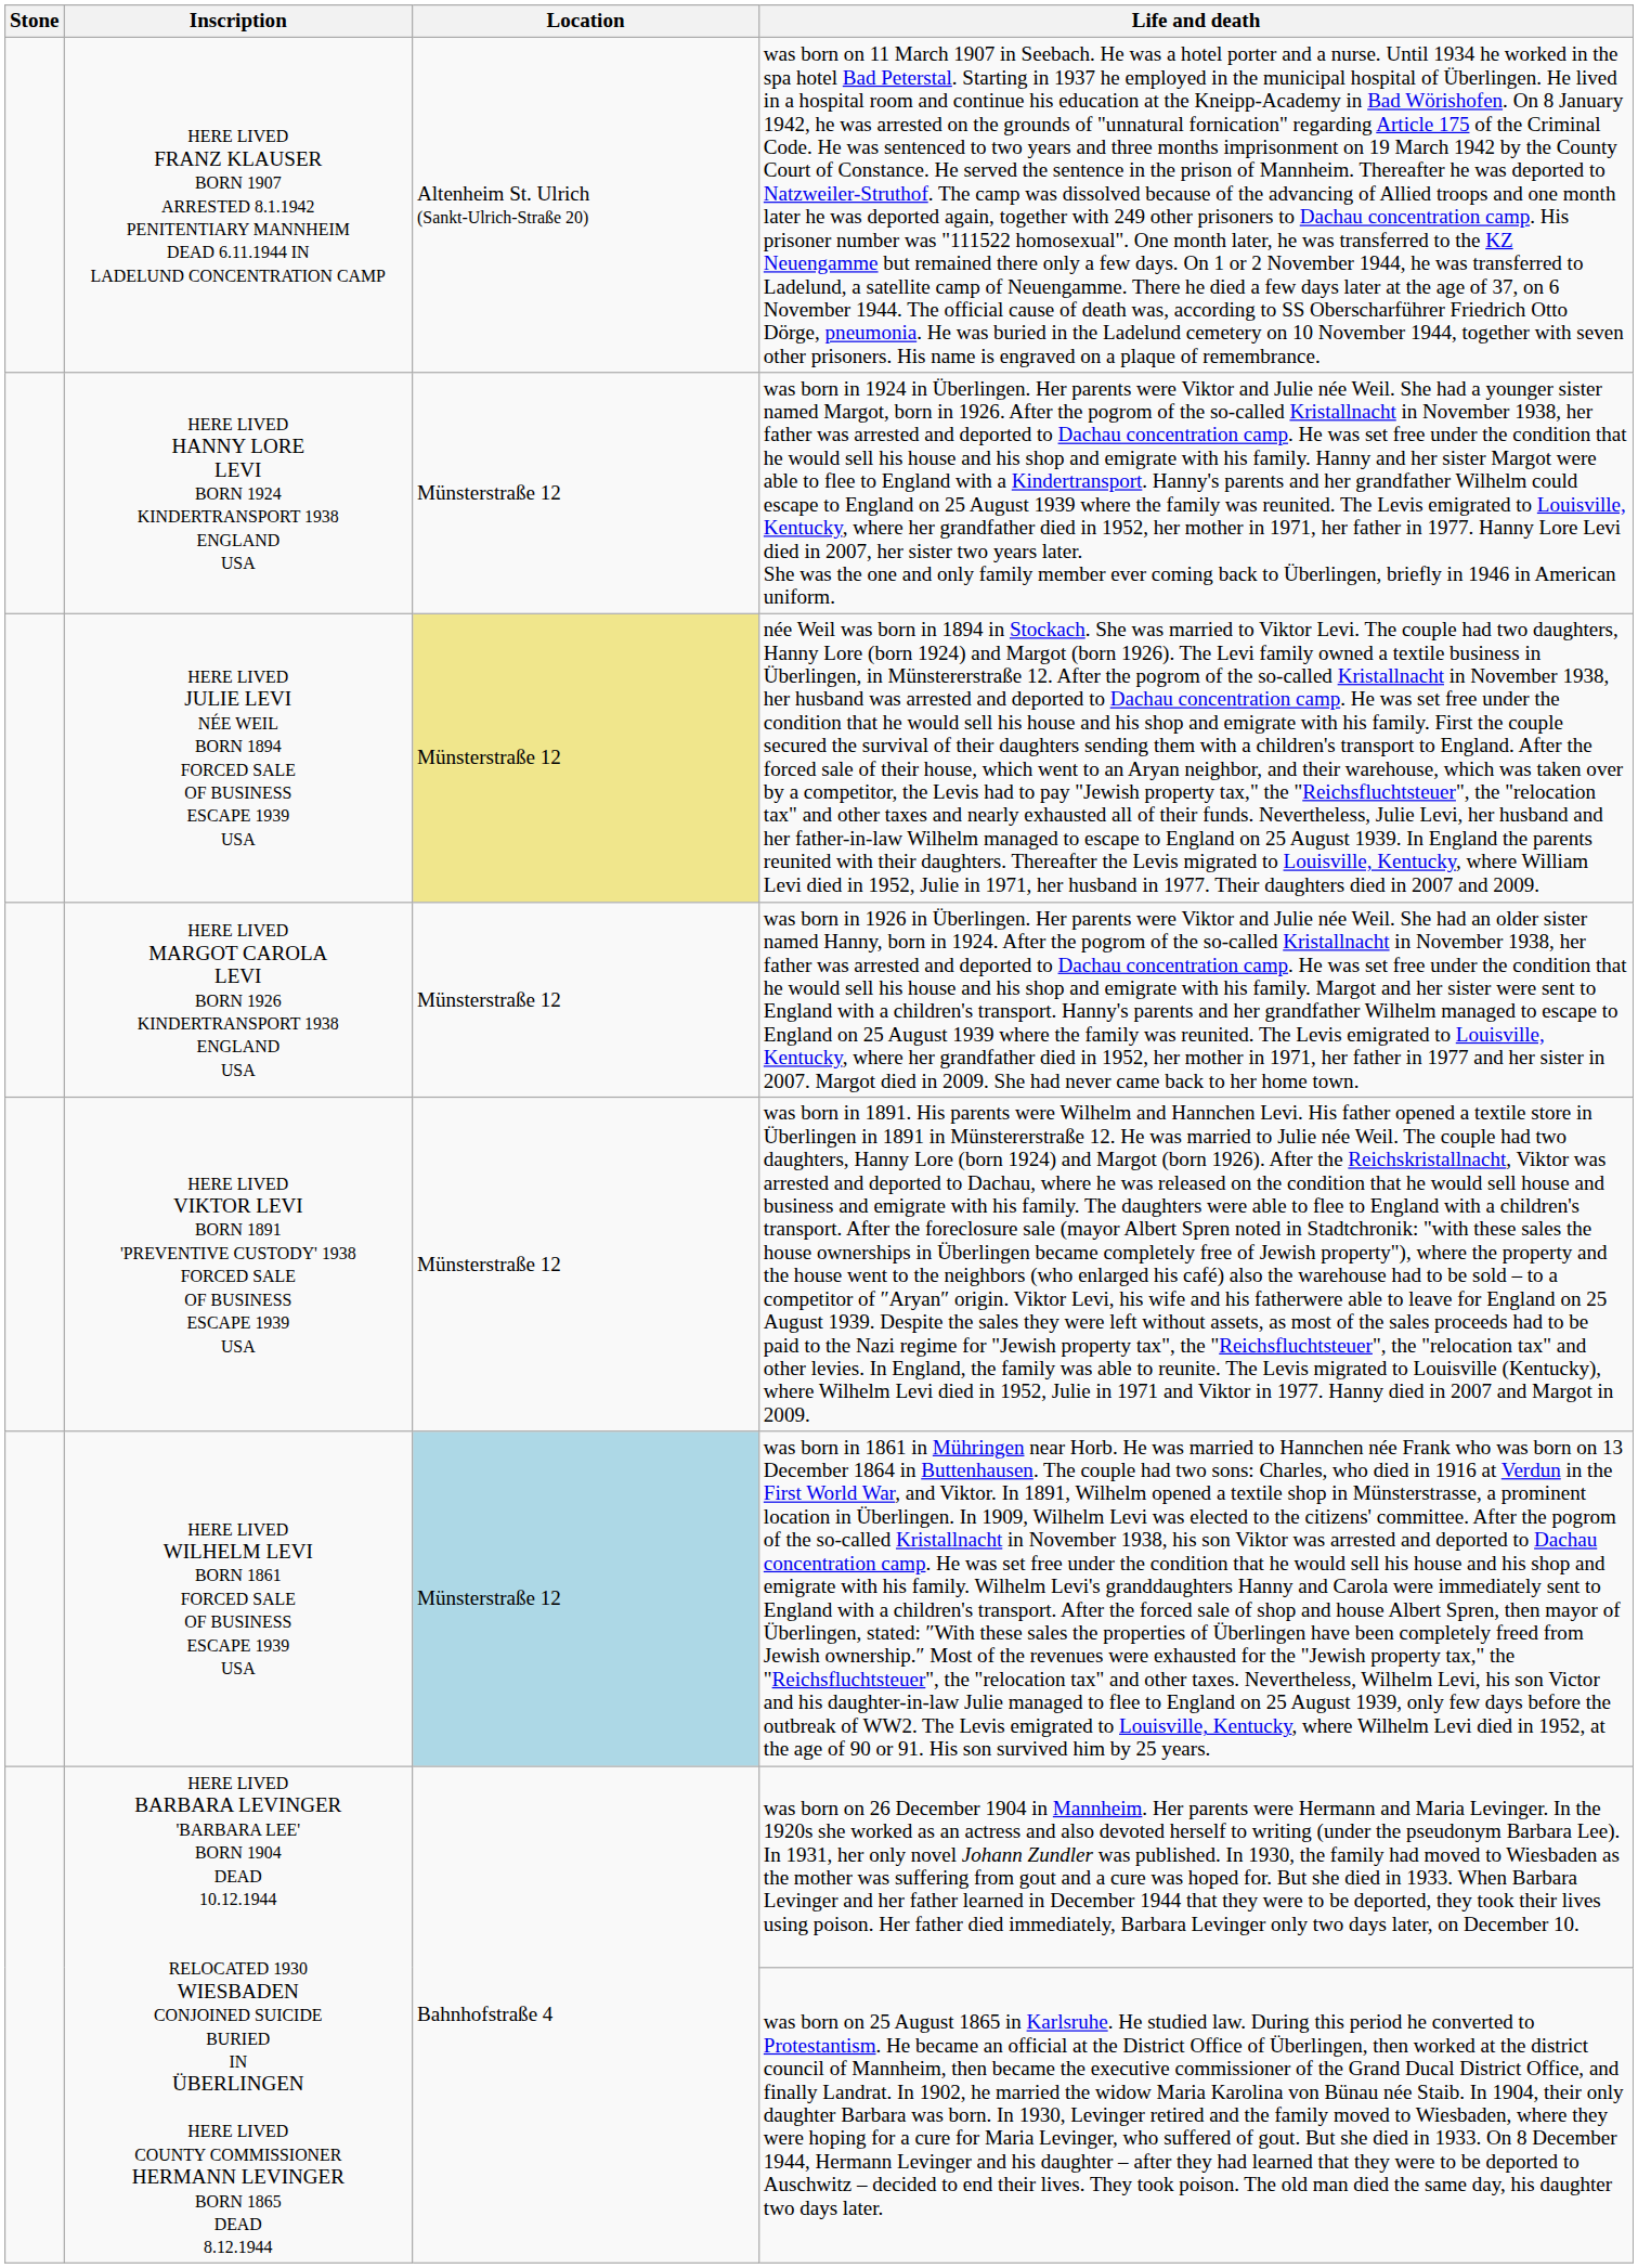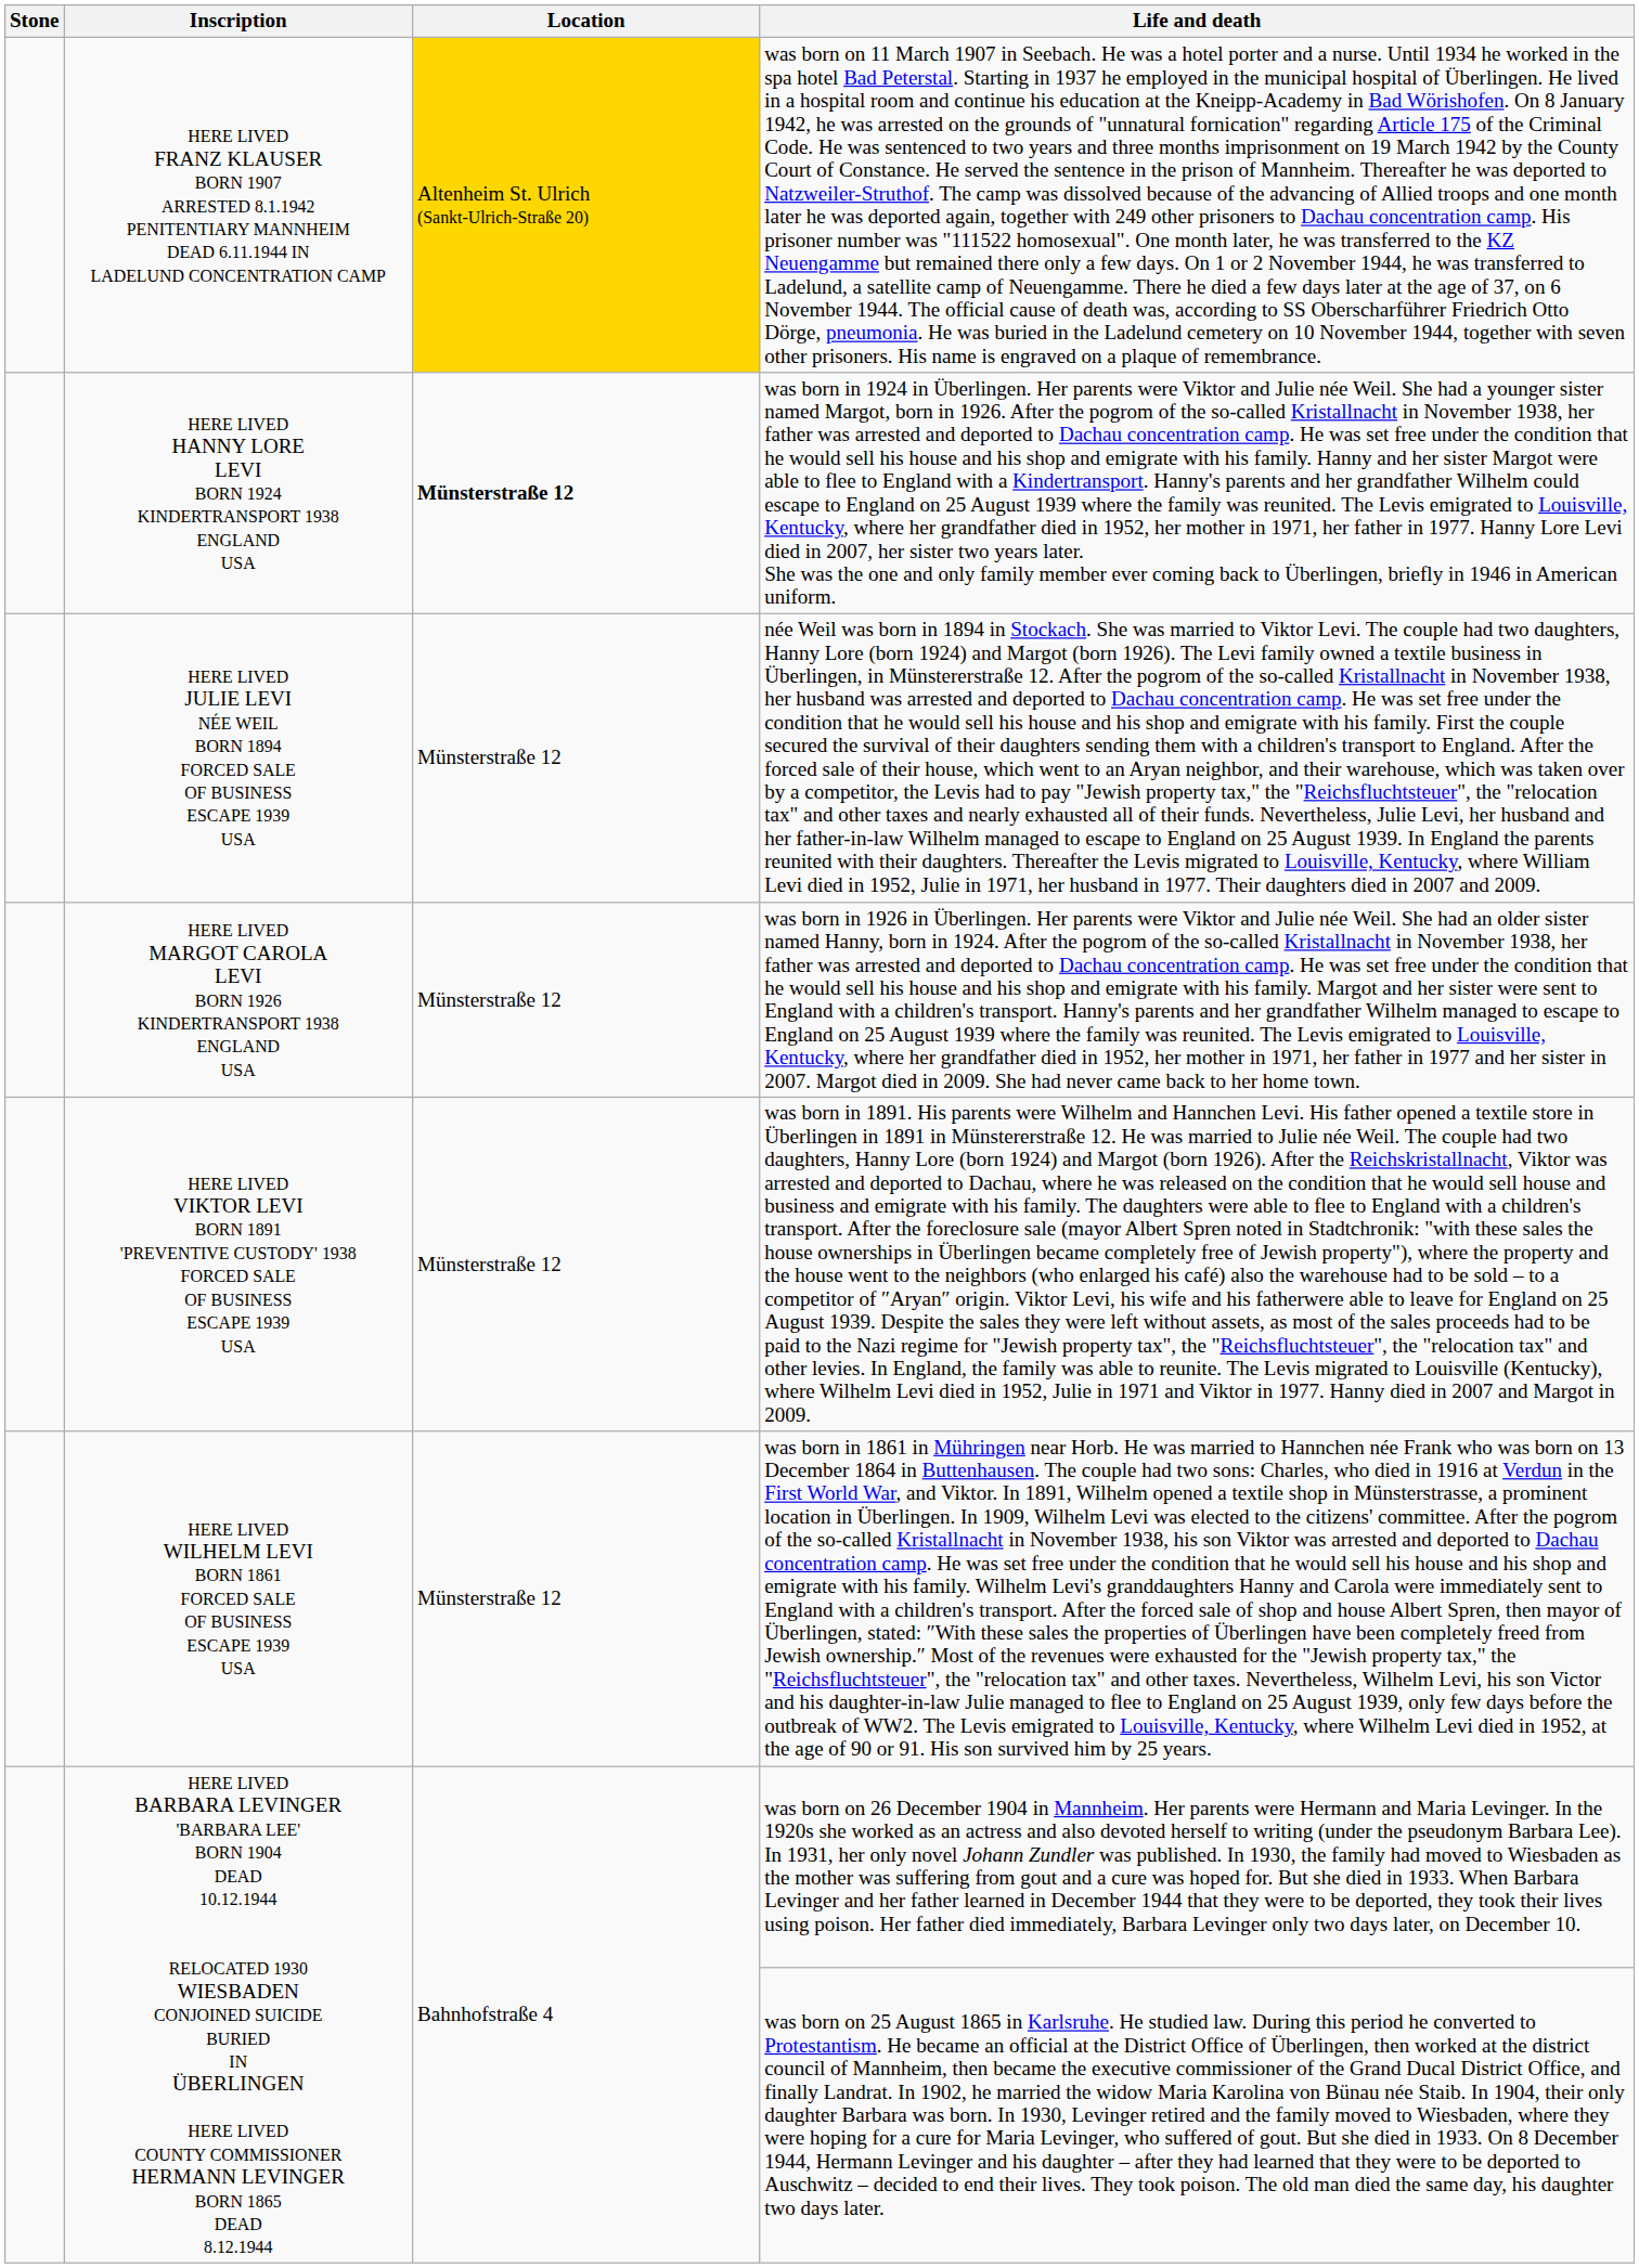 <table class="wikitable sortable toptextcells" style="width:100%">
 <tr>
 <th class="hintergrundfarbe6 unsortable" width="120px">Stone</th>
 <th class="hintergrundfarbe6 unsortable" style ="width:22%;">Inscription</th>
 <th class="hintergrundfarbe6" data-sort-type="text" style ="width:22%;">Location</th>
 <th class="hintergrundfarbe6" style="width:100%;">Life and death</th>
 </tr>
 <tr>
 <td></td>
 <td style="text-align:center"><div><small>HERE LIVED</small><br>FRANZ KLAUSER<br><small>BORN 1907<br>ARRESTED 8.1.1942<br>PENITENTIARY MANNHEIM<br>DEAD 6.11.1944 IN<br>LADELUND CONCENTRATION CAMP</small></div></td>
-<td>Altenheim St. Ulrich<br><small>(Sankt-Ulrich-Straße 20)</small><br></td>
+<td style="background: gold;">Altenheim St. Ulrich<br><small>(Sankt-Ulrich-Straße 20)</small><br></td>
 <td><strong></strong> was born on 11 March 1907 in Seebach. He was a hotel porter and a nurse. Until 1934 he worked in the spa hotel <a href='#'>Bad Peterstal</a>. Starting in 1937 he employed in the municipal hospital of Überlingen. He lived in a hospital room and continue his education at the Kneipp-Academy in <a href='#'>Bad Wörishofen</a>. On 8 January 1942, he was arrested on the grounds of "unnatural fornication" regarding <a href='#'>Article 175</a> of the Criminal Code. He was sentenced to two years and three months imprisonment on 19 March 1942 by the County Court of Constance. He served the sentence in the prison of Mannheim. Thereafter he was deported to <a href='#'>Natzweiler-Struthof</a>. The camp was dissolved because of the advancing of Allied troops and one month later he was deported again, together with 249 other prisoners to <a href='#'>Dachau concentration camp</a>. His prisoner number was "111522 homosexual". One month later, he was transferred to the <a href='#'>KZ Neuengamme</a> but remained there only a few days. On 1 or 2 November 1944, he was transferred to Ladelund, a satellite camp of Neuengamme. There he died a few days later at the age of 37, on 6 November 1944. The official cause of death was, according to SS Oberscharführer Friedrich Otto Dörge, <a href='#'>pneumonia</a>. He was buried in the Ladelund cemetery on 10 November 1944, together with seven other prisoners. His name is engraved on a plaque of remembrance.</td>
 </tr>
 <tr>
 <td></td>
 <td style="text-align:center"><div><small>HERE LIVED</small><br>HANNY LORE<br>LEVI<br><small>BORN 1924<br>KINDERTRANSPORT 1938<br>ENGLAND<br>USA</small></div></td>
-<td>Münsterstraße 12<br></td>
+<td><strong>Münsterstraße 12<br></strong></td>
 <td><strong></strong> was born in 1924 in Überlingen. Her parents were Viktor and Julie née Weil. She had a younger sister named Margot, born in 1926. After the pogrom of the so-called <a href='#'>Kristallnacht</a> in November 1938, her father was arrested and deported to <a href='#'>Dachau concentration camp</a>. He was set free under the condition that he would sell his house and his shop and emigrate with his family. Hanny and her sister Margot were able to flee to England with a <a href='#'>Kindertransport</a>. Hanny's parents and her grandfather Wilhelm could escape to England on 25 August 1939 where the family was reunited. The Levis emigrated to <a href='#'>Louisville, Kentucky</a>, where her grandfather died in 1952, her mother in 1971, her father in 1977. Hanny Lore Levi died in 2007, her sister two years later.<br>She was the one and only family member ever coming back to Überlingen, briefly in 1946 in American uniform.</td>
 </tr>
 <tr>
 <td></td>
 <td style="text-align:center"><div><small>HERE LIVED</small><br>JULIE LEVI<br><small>NÉE WEIL<br>BORN 1894<br>FORCED SALE<br>OF BUSINESS<br>ESCAPE 1939<br>USA</small></div></td>
-<td style="background: khaki;">Münsterstraße 12<br></td>
+<td>Münsterstraße 12<br></td>
 <td><strong></strong> née Weil was born in 1894 in <a href='#'>Stockach</a>. She was married to Viktor Levi. The couple had two daughters, Hanny Lore (born 1924) and Margot (born 1926). The Levi family owned a textile business in Überlingen, in Münstererstraße 12. After the pogrom of the so-called <a href='#'>Kristallnacht</a> in November 1938, her husband was arrested and deported to <a href='#'>Dachau concentration camp</a>. He was set free under the condition that he would sell his house and his shop and emigrate with his family. First the couple secured the survival of their daughters sending them with a children's transport to England. After the forced sale of their house, which went to an Aryan neighbor, and their warehouse, which was taken over by a competitor, the Levis had to pay  "Jewish property tax," the "<a href='#'>Reichsfluchtsteuer</a>", the "relocation tax" and other taxes and nearly exhausted all of their funds. Nevertheless, Julie Levi, her husband and her father-in-law Wilhelm managed to escape to England on 25 August 1939. In England the parents reunited with their daughters. Thereafter the Levis migrated to <a href='#'>Louisville, Kentucky</a>, where William Levi died in 1952, Julie in 1971, her husband in 1977. Their daughters died in 2007 and 2009.</td>
 </tr>
 <tr>
 <td></td>
 <td style="text-align:center"><div><small>HERE LIVED</small><br>MARGOT CAROLA<br>LEVI<br><small>BORN 1926<br>KINDERTRANSPORT 1938<br>ENGLAND<br>USA</small></div></td>
 <td>Münsterstraße 12<br></td>
 <td><strong></strong> was born in 1926 in Überlingen. Her parents were Viktor and Julie née Weil. She had an older sister named Hanny, born in 1924. After the pogrom of the so-called <a href='#'>Kristallnacht</a> in November 1938, her father was arrested and deported to <a href='#'>Dachau concentration camp</a>. He was set free under the condition that he would sell his house and his shop and emigrate with his family. Margot and her sister were sent to England with a children's transport. Hanny's parents and her grandfather Wilhelm managed to escape to England on 25 August 1939 where the family was reunited. The Levis emigrated to <a href='#'>Louisville, Kentucky</a>, where her grandfather died in 1952, her mother in 1971, her father in 1977 and her sister in 2007. Margot died in 2009. She had never came back to her home town.</td>
 </tr>
 <tr>
 <td></td>
 <td style="text-align:center"><div><small>HERE LIVED</small><br>VIKTOR LEVI<br><small>BORN 1891<br>'PREVENTIVE CUSTODY' 1938<br>FORCED SALE<br>OF BUSINESS<br>ESCAPE 1939<br>USA</small></div></td>
 <td>Münsterstraße 12<br></td>
 <td><strong></strong> was born in 1891. His parents were Wilhelm and Hannchen Levi. His father opened a textile store in Überlingen in 1891 in Münstererstraße 12. He was married to Julie née Weil. The couple had two daughters, Hanny Lore (born 1924) and Margot (born 1926). After the <a href='#'>Reichskristallnacht</a>, Viktor was arrested and deported to Dachau, where he was released on the condition that he would sell house and business and emigrate with his family. The daughters were able to flee to England with a children's transport. After the foreclosure sale (mayor Albert Spren noted in Stadtchronik: "with these sales the house ownerships in Überlingen became completely free of Jewish property"), where the property and the house went to the neighbors (who enlarged his café) also the warehouse had to be sold – to a competitor of ″Aryan″ origin. Viktor Levi, his wife and his fatherwere able to leave for England on 25 August 1939. Despite the sales they were left without assets, as most of the sales proceeds had to be paid to the Nazi regime for "Jewish property tax", the "<a href='#'>Reichsfluchtsteuer</a>", the "relocation tax" and other levies. In England, the family was able to reunite. The Levis migrated to Louisville (Kentucky), where Wilhelm Levi died in 1952, Julie in 1971 and Viktor in 1977. Hanny died in 2007 and Margot in 2009.</td>
 </tr>
 <tr>
 <td></td>
 <td style="text-align:center"><div><small>HERE LIVED</small><br>WILHELM LEVI<br><small>BORN 1861<br>FORCED SALE<br>OF BUSINESS<br>ESCAPE 1939<br>USA</small></div></td>
-<td style="background: lightblue;">Münsterstraße 12<br></td>
+<td>Münsterstraße 12<br></td>
 <td><strong></strong> was born in 1861 in <a href='#'>Mühringen</a> near Horb. He was married to Hannchen née Frank who was born on 13 December 1864 in <a href='#'>Buttenhausen</a>. The couple had two sons: Charles, who died in 1916 at <a href='#'>Verdun</a> in the <a href='#'>First World War</a>, and Viktor. In 1891, Wilhelm opened a textile shop in Münsterstrasse, a prominent location in Überlingen. In 1909, Wilhelm Levi was elected to the citizens' committee. After the pogrom of the so-called <a href='#'>Kristallnacht</a> in November 1938, his son Viktor was arrested and deported to <a href='#'>Dachau concentration camp</a>. He was set free under the condition that he would sell his house and his shop and emigrate with his family. Wilhelm Levi's granddaughters Hanny and Carola were immediately sent to England with a children's transport. After the forced sale of shop and house Albert Spren, then mayor of Überlingen, stated: ″With these sales the properties of Überlingen have been completely freed from Jewish ownership.″ Most of the revenues were exhausted for the "Jewish property tax," the "<a href='#'>Reichsfluchtsteuer</a>", the "relocation tax" and other taxes. Nevertheless, Wilhelm Levi, his son Victor and his daughter-in-law Julie managed to flee to England on 25 August 1939, only few days before the outbreak of WW2. The Levis emigrated to <a href='#'>Louisville, Kentucky</a>, where Wilhelm Levi died in 1952, at the age of 90 or 91. His son survived him by 25 years.</td>
 </tr>
 <tr>
 <td rowspan="2"> </td>
 <td style="text-align:center" rowspan="2"><div><small>HERE LIVED</small><br>BARBARA LEVINGER<br><small>'BARBARA LEE'<br>BORN 1904<br>DEAD<br>10.12.1944</small></div><br><br> <div><small>RELOCATED 1930</small><br>WIESBADEN<br><small>CONJOINED SUICIDE<br>BURIED<br>IN</small><br>ÜBERLINGEN</div> <br> <div><small>HERE LIVED<br>COUNTY COMMISSIONER</small><br>HERMANN LEVINGER<br><small>BORN 1865<br>DEAD<br>8.12.1944</small></div></td>
 <td rowspan="2">Bahnhofstraße 4 <br></td>
 <td><strong></strong> was born on 26 December 1904 in <a href='#'>Mannheim</a>. Her parents were Hermann and Maria Levinger. In the 1920s she worked as an actress and also devoted herself to writing (under the pseudonym Barbara Lee). In 1931, her only novel <em>Johann Zundler</em> was published. In 1930, the family had moved to Wiesbaden as the mother was suffering from gout and a cure was hoped for. But she died in 1933. When Barbara Levinger and her father learned in December 1944 that they were to be deported, they took their lives using poison. Her father died immediately, Barbara Levinger only two days later, on December 10.</td>
 </tr>
 <tr>
 <td><strong></strong> was born on 25 August 1865 in <a href='#'>Karlsruhe</a>. He studied law. During this period he converted to <a href='#'>Protestantism</a>. He became an official at the District Office of Überlingen, then worked at the district council of Mannheim, then became the executive commissioner of the Grand Ducal District Office, and finally Landrat. In 1902, he married the widow Maria Karolina von Bünau née Staib. In 1904, their only daughter Barbara was born. In 1930, Levinger retired and the family moved to Wiesbaden, where they were hoping for a cure for Maria Levinger, who suffered of gout. But she died in 1933. On 8 December 1944, Hermann Levinger and his daughter – after they had learned that they were to be deported to Auschwitz – decided to end their lives. They took poison. The old man died the same day, his daughter two days later.</td>
 </tr>
 </table>
